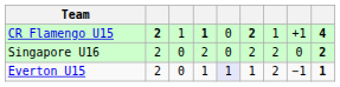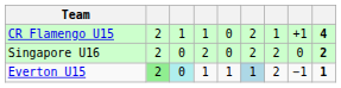 <table class="wikitable" style="text-align:center;">
 <tr>
 <th width=150>Team</th>
 <th width=20></th>
 <th width=20></th>
 <th width=20></th>
 <th width=20></th>
 <th width=20></th>
 <th width=20></th>
 <th width=20></th>
 <th width=20></th>
 </tr>
 <tr style="background:#cfc;">
 <td align=left> <a href='#'>CR Flamengo U15</a></td>
-<td><strong>2</strong></td>
+<td>2</td>
 <td>1</td>
-<td><strong>1</strong></td>
+<td>1</td>
 <td>0</td>
-<td><strong>2</strong></td>
+<td>2</td>
 <td>1</td>
 <td>+1</td>
 <td><strong>4</strong></td>
 </tr>
 <tr style="background:#cfc;">
 <td align=left> Singapore U16</td>
 <td>2</td>
 <td>0</td>
 <td>2</td>
 <td>0</td>
 <td>2</td>
 <td>2</td>
 <td>0</td>
 <td><strong>2</strong></td>
 </tr>
 <tr>
 <td align=left> <a href='#'>Everton U15</a></td>
-<td>2</td>
-<td>0</td>
+<td style="background: lightgreen;">2</td>
+<td style="background: paleturquoise;">0</td>
 <td>1</td>
-<td style="background: lavender;">1</td>
 <td>1</td>
+<td style="background: lightblue;">1</td>
 <td>2</td>
 <td>−1</td>
 <td><strong>1</strong></td>
 </tr>
 </table>
